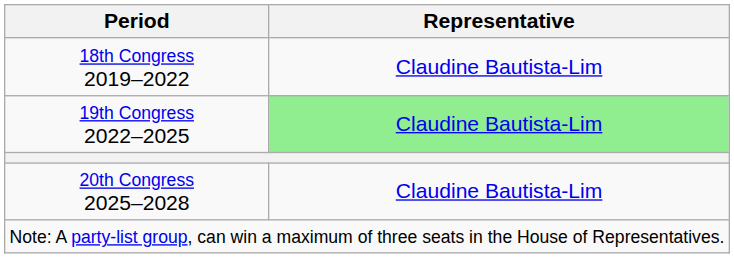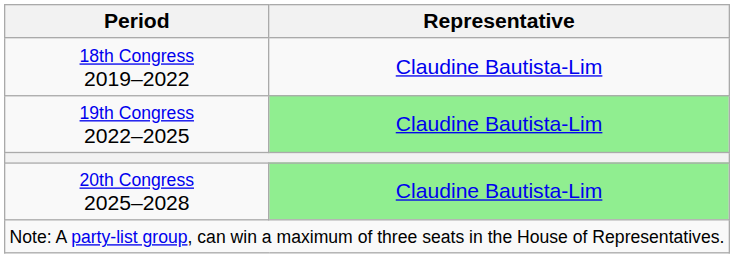 <table class="wikitable"; style="text-align:center">
 <tr>
 <th>Period</th>
 <th>Representative</th>
 </tr>
 <tr>
 <td><small><a href='#'>18th Congress</a></small><br>2019–2022</td>
 <td><a href='#'>Claudine Bautista-Lim</a></td>
 </tr>
 <tr>
 <td><small><a href='#'>19th Congress</a></small><br>2022–2025</td>
 <td style="background: lightgreen;"><a href='#'>Claudine Bautista-Lim</a></td>
 </tr>
 <tr>
 <th colspan=2></th>
 </tr>
 <tr>
 <td><small><a href='#'>20th Congress</a></small><br>2025–2028<br></td>
-<td><a href='#'>Claudine Bautista-Lim</a></td>
+<td style="background: lightgreen;"><a href='#'>Claudine Bautista-Lim</a></td>
 </tr>
 <tr>
 <td colspan=2><small>Note: A <a href='#'>party-list group</a>, can win a maximum of three seats in the House of Representatives.</small></td>
 </tr>
 </table>
